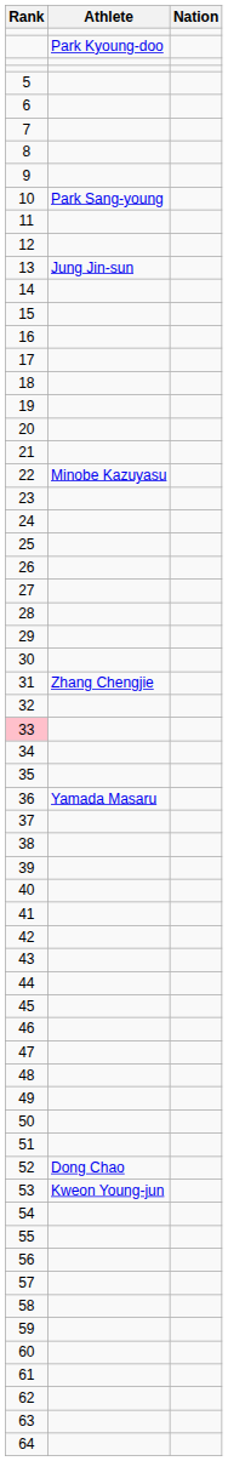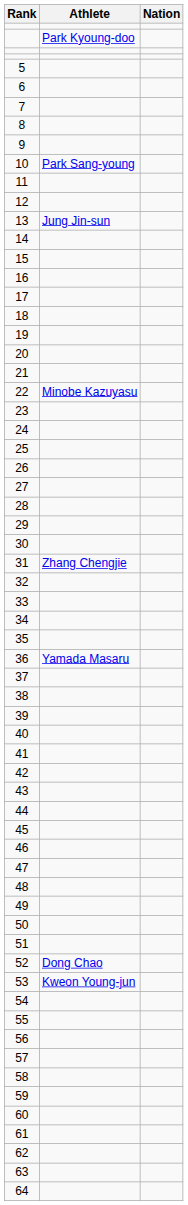 <table class="wikitable sortable" style="text-align:left">
 <tr>
 <th>Rank</th>
 <th>Athlete</th>
 <th>Nation</th>
 </tr>
 <tr>
 <td align="center"></td>
 <td></td>
 <td></td>
 </tr>
 <tr>
 <td align="center"></td>
 <td><a href='#'>Park Kyoung-doo</a></td>
 <td></td>
 </tr>
 <tr>
 <td align="center"></td>
 <td></td>
 <td></td>
 </tr>
 <tr>
 <td align="center"></td>
 <td></td>
 <td></td>
 </tr>
 <tr>
 <td align="center">5</td>
 <td></td>
 <td></td>
 </tr>
 <tr>
 <td align="center">6</td>
 <td></td>
 <td></td>
 </tr>
 <tr>
 <td align="center">7</td>
 <td></td>
 <td></td>
 </tr>
 <tr>
 <td align="center">8</td>
 <td></td>
 <td></td>
 </tr>
 <tr>
 <td align="center">9</td>
 <td></td>
 <td></td>
 </tr>
 <tr>
 <td align="center">10</td>
 <td><a href='#'>Park Sang-young</a></td>
 <td></td>
 </tr>
 <tr>
 <td align="center">11</td>
 <td></td>
 <td></td>
 </tr>
 <tr>
 <td align="center">12</td>
 <td></td>
 <td></td>
 </tr>
 <tr>
 <td align="center">13</td>
 <td><a href='#'>Jung Jin-sun</a></td>
 <td></td>
 </tr>
 <tr>
 <td align="center">14</td>
 <td></td>
 <td></td>
 </tr>
 <tr>
 <td align="center">15</td>
 <td></td>
 <td></td>
 </tr>
 <tr>
 <td align="center">16</td>
 <td></td>
 <td></td>
 </tr>
 <tr>
 <td align="center">17</td>
 <td></td>
 <td></td>
 </tr>
 <tr>
 <td align="center">18</td>
 <td></td>
 <td></td>
 </tr>
 <tr>
 <td align="center">19</td>
 <td></td>
 <td></td>
 </tr>
 <tr>
 <td align="center">20</td>
 <td></td>
 <td></td>
 </tr>
 <tr>
 <td align="center">21</td>
 <td></td>
 <td></td>
 </tr>
 <tr>
 <td align="center">22</td>
 <td><a href='#'>Minobe Kazuyasu</a></td>
 <td></td>
 </tr>
 <tr>
 <td align="center">23</td>
 <td></td>
 <td></td>
 </tr>
 <tr>
 <td align="center">24</td>
 <td></td>
 <td></td>
 </tr>
 <tr>
 <td align="center">25</td>
 <td></td>
 <td></td>
 </tr>
 <tr>
 <td align="center">26</td>
 <td></td>
 <td></td>
 </tr>
 <tr>
 <td align="center">27</td>
 <td></td>
 <td></td>
 </tr>
 <tr>
 <td align="center">28</td>
 <td></td>
 <td></td>
 </tr>
 <tr>
 <td align="center">29</td>
 <td></td>
 <td></td>
 </tr>
 <tr>
 <td align="center">30</td>
 <td></td>
 <td></td>
 </tr>
 <tr>
 <td align="center">31</td>
 <td><a href='#'>Zhang Chengjie</a></td>
 <td></td>
 </tr>
 <tr>
 <td align="center">32</td>
 <td></td>
 <td></td>
 </tr>
 <tr>
-<td align="center" style="background: pink;">33</td>
+<td align="center">33</td>
 <td></td>
 <td></td>
 </tr>
 <tr>
 <td align="center">34</td>
 <td></td>
 <td></td>
 </tr>
 <tr>
 <td align="center">35</td>
 <td></td>
 <td></td>
 </tr>
 <tr>
 <td align="center">36</td>
 <td><a href='#'>Yamada Masaru</a></td>
 <td></td>
 </tr>
 <tr>
 <td align="center">37</td>
 <td></td>
 <td></td>
 </tr>
 <tr>
 <td align="center">38</td>
 <td></td>
 <td></td>
 </tr>
 <tr>
 <td align="center">39</td>
 <td></td>
 <td></td>
 </tr>
 <tr>
 <td align="center">40</td>
 <td></td>
 <td></td>
 </tr>
 <tr>
 <td align="center">41</td>
 <td></td>
 <td></td>
 </tr>
 <tr>
 <td align="center">42</td>
 <td></td>
 <td></td>
 </tr>
 <tr>
 <td align="center">43</td>
 <td></td>
 <td></td>
 </tr>
 <tr>
 <td align="center">44</td>
 <td></td>
 <td></td>
 </tr>
 <tr>
 <td align="center">45</td>
 <td></td>
 <td></td>
 </tr>
 <tr>
 <td align="center">46</td>
 <td></td>
 <td></td>
 </tr>
 <tr>
 <td align="center">47</td>
 <td></td>
 <td></td>
 </tr>
 <tr>
 <td align="center">48</td>
 <td></td>
 <td></td>
 </tr>
 <tr>
 <td align="center">49</td>
 <td></td>
 <td></td>
 </tr>
 <tr>
 <td align="center">50</td>
 <td></td>
 <td></td>
 </tr>
 <tr>
 <td align="center">51</td>
 <td></td>
 <td></td>
 </tr>
 <tr>
 <td align="center">52</td>
 <td><a href='#'>Dong Chao</a></td>
 <td></td>
 </tr>
 <tr>
 <td align="center">53</td>
 <td><a href='#'>Kweon Young-jun</a></td>
 <td></td>
 </tr>
 <tr>
 <td align="center">54</td>
 <td></td>
 <td></td>
 </tr>
 <tr>
 <td align="center">55</td>
 <td></td>
 <td></td>
 </tr>
 <tr>
 <td align="center">56</td>
 <td></td>
 <td></td>
 </tr>
 <tr>
 <td align="center">57</td>
 <td></td>
 <td></td>
 </tr>
 <tr>
 <td align="center">58</td>
 <td></td>
 <td></td>
 </tr>
 <tr>
 <td align="center">59</td>
 <td></td>
 <td></td>
 </tr>
 <tr>
 <td align="center">60</td>
 <td></td>
 <td></td>
 </tr>
 <tr>
 <td align="center">61</td>
 <td></td>
 <td></td>
 </tr>
 <tr>
 <td align="center">62</td>
 <td></td>
 <td></td>
 </tr>
 <tr>
 <td align="center">63</td>
 <td></td>
 <td></td>
 </tr>
 <tr>
 <td align="center">64</td>
 <td></td>
 <td></td>
 </tr>
 </table>
